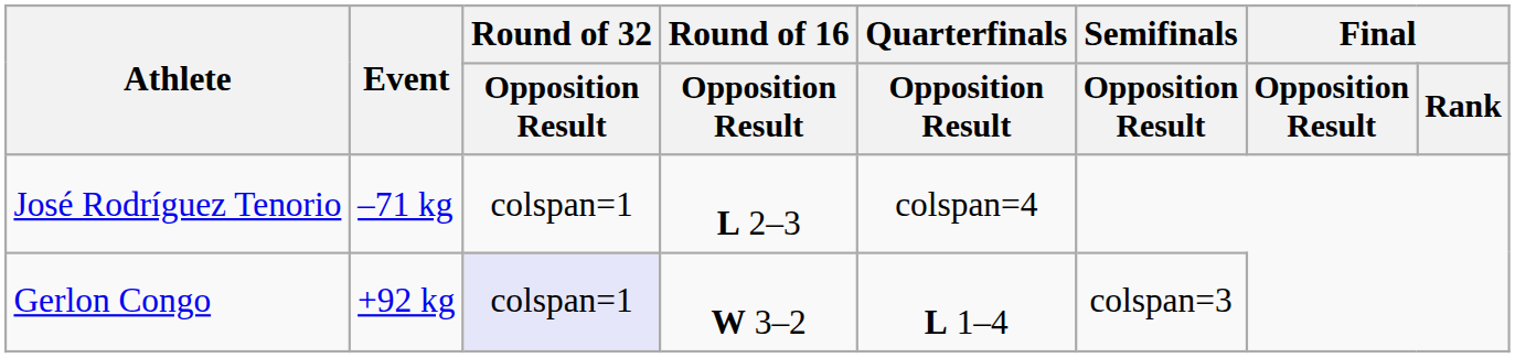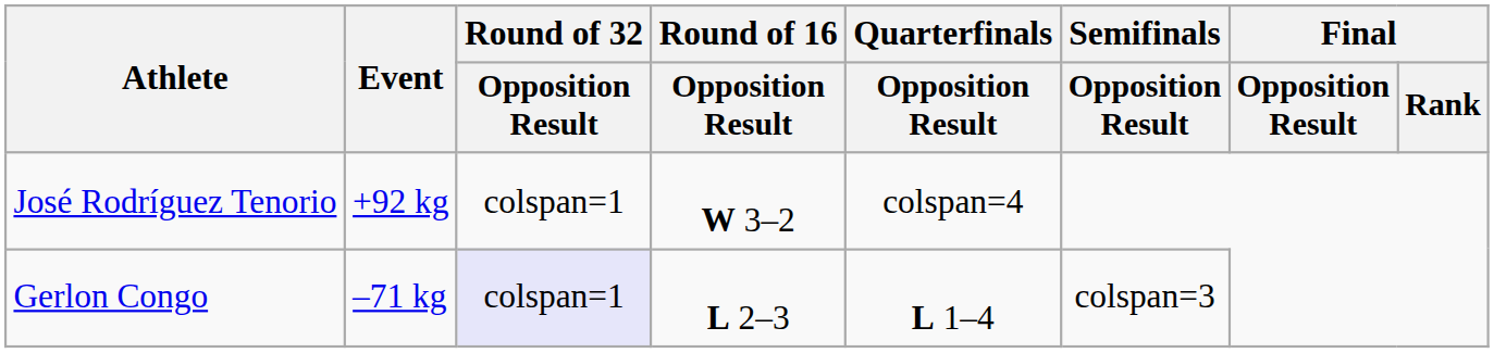 <table class="wikitable" style="font-size:90%">
 <tr>
 <th rowspan="2">Athlete</th>
 <th rowspan="2">Event</th>
 <th>Round of 32</th>
 <th>Round of 16</th>
 <th>Quarterfinals</th>
 <th>Semifinals</th>
 <th colspan=2>Final</th>
 </tr>
 <tr style="font-size:95%">
 <th>Opposition<br>Result</th>
 <th>Opposition<br>Result</th>
 <th>Opposition<br>Result</th>
 <th>Opposition<br>Result</th>
 <th>Opposition<br>Result</th>
 <th>Rank</th>
 </tr>
 <tr align=center>
 <td align=left><a href='#'>José Rodríguez Tenorio</a></td>
-<td align=left><a href='#'>–71 kg</a></td>
+<td align=left><a href='#'>+92 kg</a></td>
 <td>colspan=1 </td>
-<td><br><strong>L</strong> 2–3</td>
+<td><br><strong>W</strong> 3–2</td>
 <td>colspan=4 </td>
 </tr>
 <tr align=center>
 <td align=left><a href='#'>Gerlon Congo</a></td>
-<td align=left><a href='#'>+92 kg</a></td>
+<td align=left><a href='#'>–71 kg</a></td>
 <td style="background: lavender;">colspan=1 </td>
-<td><br><strong>W</strong> 3–2</td>
+<td><br><strong>L</strong> 2–3</td>
 <td><br><strong>L</strong> 1–4</td>
 <td>colspan=3 </td>
 </tr>
 </table>
